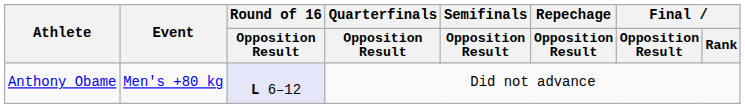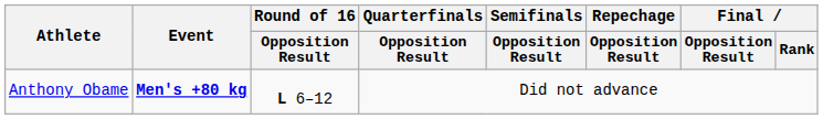 <table class="wikitable" style="font-size:90%;">
 <tr>
 <th rowspan=2>Athlete</th>
 <th rowspan=2>Event</th>
 <th>Round of 16</th>
 <th>Quarterfinals</th>
 <th>Semifinals</th>
 <th>Repechage</th>
 <th colspan=2>Final / </th>
 </tr>
 <tr style="font-size:95%">
 <th>Opposition<br>Result</th>
 <th>Opposition<br>Result</th>
 <th>Opposition<br>Result</th>
 <th>Opposition<br>Result</th>
 <th>Opposition<br>Result</th>
 <th>Rank</th>
 </tr>
 <tr align=center>
 <td align=left><a href='#'>Anthony Obame</a></td>
-<td align=left><a href='#'>Men's +80 kg</a></td>
-<td style="background: lavender;"><br><strong>L</strong> 6–12</td>
+<td align=left><strong><a href='#'>Men's +80 kg</a></strong></td>
+<td><br><strong>L</strong> 6–12</td>
 <td colspan=5>Did not advance</td>
 </tr>
 </table>
